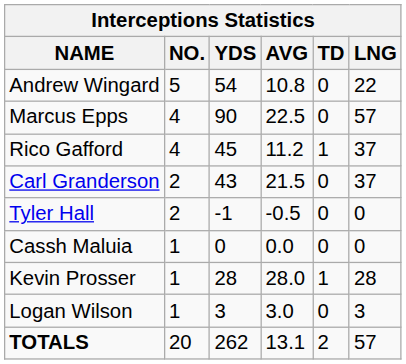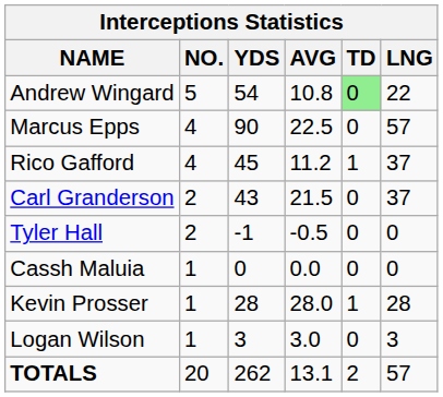 <table class="wikitable sortable collapsible collapsed">
 <tr>
 <th colspan="16">Interceptions Statistics</th>
 </tr>
 <tr>
 <th>NAME</th>
 <th>NO.</th>
 <th>YDS</th>
 <th>AVG</th>
 <th>TD</th>
 <th>LNG</th>
 </tr>
 <tr>
 <td>Andrew Wingard</td>
 <td>5</td>
 <td>54</td>
 <td>10.8</td>
-<td>0</td>
+<td style="background: lightgreen;">0</td>
 <td>22</td>
 </tr>
 <tr>
 <td>Marcus Epps</td>
 <td>4</td>
 <td>90</td>
 <td>22.5</td>
 <td>0</td>
 <td>57</td>
 </tr>
 <tr>
 <td>Rico Gafford</td>
 <td>4</td>
 <td>45</td>
 <td>11.2</td>
 <td>1</td>
 <td>37</td>
 </tr>
 <tr>
 <td><a href='#'>Carl Granderson</a></td>
 <td>2</td>
 <td>43</td>
 <td>21.5</td>
 <td>0</td>
 <td>37</td>
 </tr>
 <tr>
 <td><a href='#'>Tyler Hall</a></td>
 <td>2</td>
 <td>-1</td>
 <td>-0.5</td>
 <td>0</td>
 <td>0</td>
 </tr>
 <tr>
 <td>Cassh Maluia</td>
 <td>1</td>
 <td>0</td>
 <td>0.0</td>
 <td>0</td>
 <td>0</td>
 </tr>
 <tr>
 <td>Kevin Prosser</td>
 <td>1</td>
 <td>28</td>
 <td>28.0</td>
 <td>1</td>
 <td>28</td>
 </tr>
 <tr>
 <td>Logan Wilson</td>
 <td>1</td>
 <td>3</td>
 <td>3.0</td>
 <td>0</td>
 <td>3</td>
 </tr>
 <tr>
 <td><strong>TOTALS</strong></td>
 <td>20</td>
 <td>262</td>
 <td>13.1</td>
 <td>2</td>
 <td>57</td>
 </tr>
 </table>
